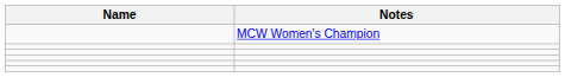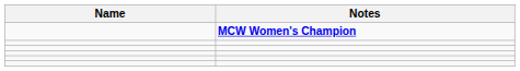 <table class="wikitable sortable" style="width:46%;">
 <tr>
 <th width=19%>Name</th>
 <th width=27%>Notes</th>
 </tr>
 <tr>
 <td></td>
-<td><a href='#'>MCW Women's Champion</a></td>
+<td><strong><a href='#'>MCW Women's Champion</a></strong></td>
 </tr>
 <tr>
 <td></td>
 <td></td>
 </tr>
 <tr>
 <td></td>
 <td></td>
 </tr>
 <tr>
 <td></td>
 <td></td>
 </tr>
 <tr>
 <td></td>
 <td></td>
 </tr>
 <tr>
 <td></td>
 <td></td>
 </tr>
 </table>
